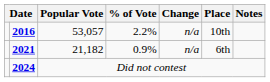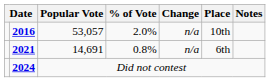 <table class="wikitable sortable" style="text-align: right">
 <tr>
 <th colspan="2">Date</th>
 <th>Popular Vote</th>
 <th>% of Vote</th>
 <th>Change</th>
 <th>Place</th>
 <th>Notes</th>
 </tr>
 <tr>
 <td></td>
 <td><strong><a href='#'>2016</a></strong></td>
 <td>53,057</td>
-<td>2.2%</td>
+<td>2.0%</td>
 <td><em>n/a</em></td>
 <td>10th</td>
 <td></td>
 </tr>
 <tr>
 <td></td>
 <td><strong><a href='#'>2021</a></strong></td>
-<td>21,182</td>
-<td>0.9%</td>
+<td>14,691</td>
+<td>0.8%</td>
 <td><em>n/a</em></td>
 <td>6th</td>
 <td></td>
 </tr>
 <tr>
 <td></td>
 <td><strong><a href='#'>2024</a></strong></td>
 <td colspan=5 align=center><em>Did not contest</em></td>
 </tr>
 </table>
